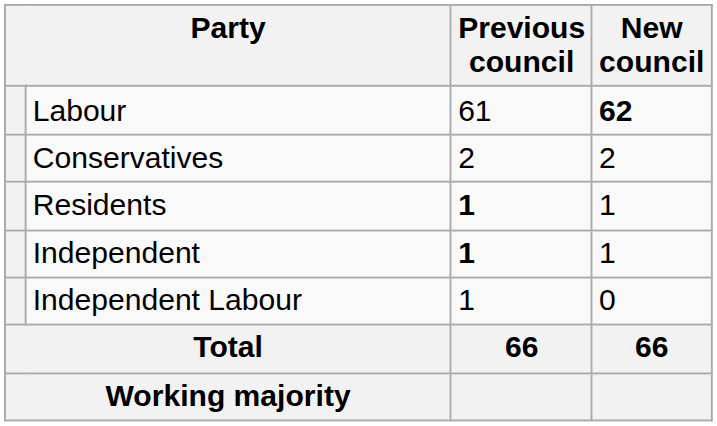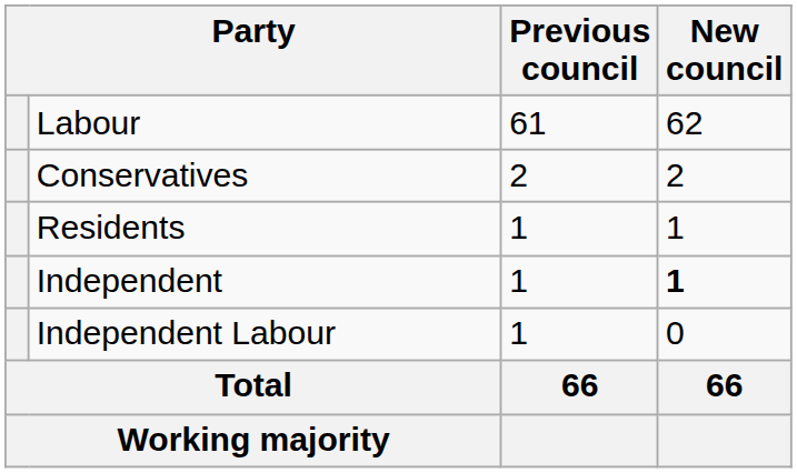 <table class="wikitable">
 <tr>
 <th valign=top colspan="2" style="width: 230px">Party</th>
 <th valign=top style="width: 30px">Previous council</th>
 <th valign=top style="width: 30px">New council</th>
 </tr>
 <tr>
 <th style="background-color: "></th>
 <td>Labour</td>
 <td>61</td>
-<td><strong>62</strong></td>
+<td>62</td>
 </tr>
 <tr>
 <th style="background-color: "></th>
 <td>Conservatives</td>
 <td>2</td>
 <td>2</td>
 </tr>
 <tr>
 <th style="background-color: "></th>
 <td>Residents</td>
-<td><strong>1</strong></td>
+<td>1</td>
 <td>1</td>
 </tr>
 <tr>
 <th style="background-color: "></th>
 <td>Independent</td>
+<td>1</td>
 <td><strong>1</strong></td>
-<td>1</td>
 </tr>
 <tr>
 <th style="background-color: "></th>
 <td>Independent Labour</td>
 <td>1</td>
 <td>0</td>
 </tr>
 <tr>
 <th colspan=2>Total</th>
 <th style="text-align: center">66</th>
 <th colspan=3>66</th>
 </tr>
 <tr>
 <th colspan=2>Working majority</th>
 <th></th>
 <th></th>
 </tr>
 </table>
